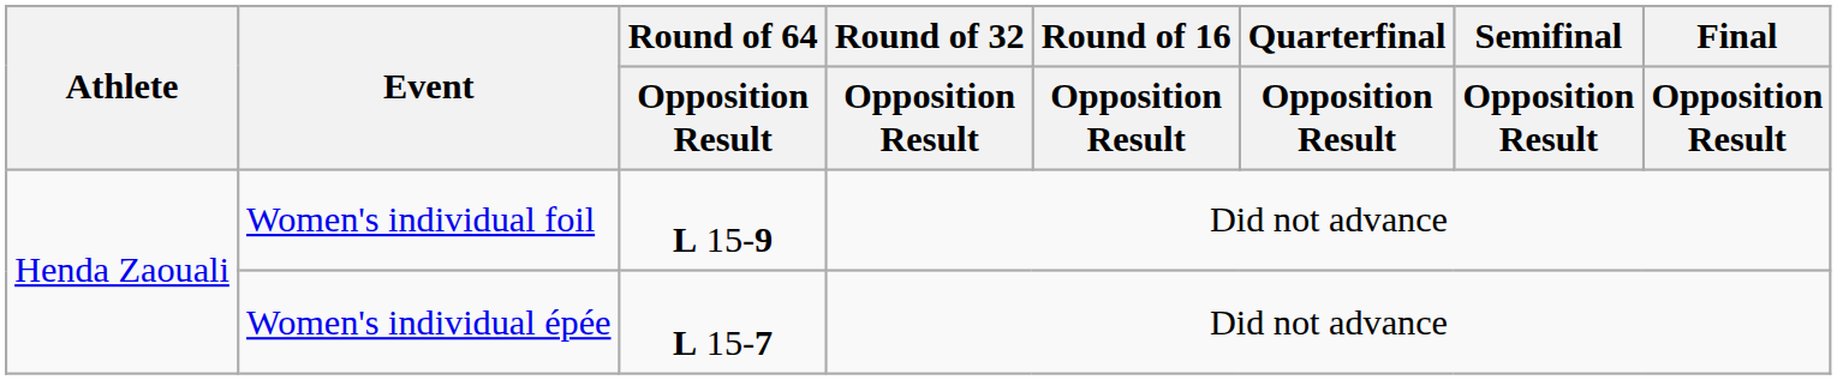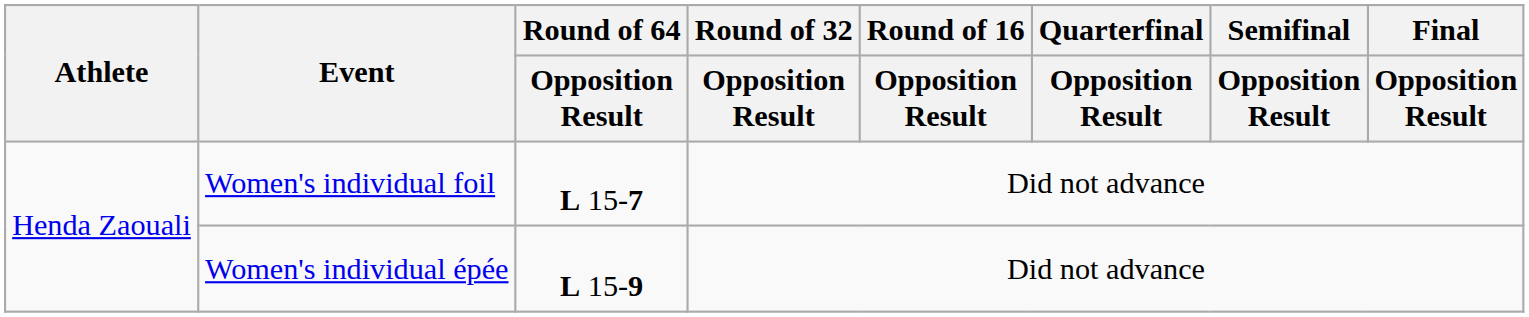 <table class=wikitable style=font-size:90%>
 <tr>
 <th rowspan=2>Athlete</th>
 <th rowspan=2>Event</th>
 <th>Round of 64</th>
 <th>Round of 32</th>
 <th>Round of 16</th>
 <th>Quarterfinal</th>
 <th>Semifinal</th>
 <th>Final</th>
 </tr>
 <tr>
 <th>Opposition<br>Result</th>
 <th>Opposition<br>Result</th>
 <th>Opposition<br>Result</th>
 <th>Opposition<br>Result</th>
 <th>Opposition<br>Result</th>
 <th>Opposition<br>Result</th>
 </tr>
 <tr>
 <td rowspan=2><a href='#'>Henda Zaouali</a></td>
 <td><a href='#'>Women's individual foil</a></td>
-<td align=center><br><strong>L</strong> 15-<strong>9</strong></td>
+<td align=center><br><strong>L</strong> 15-<strong>7</strong></td>
 <td colspan=5 align=center>Did not advance</td>
 </tr>
 <tr>
 <td><a href='#'>Women's individual épée</a></td>
-<td align=center><br><strong>L</strong> 15-<strong>7</strong></td>
+<td align=center><br><strong>L</strong> 15-<strong>9</strong></td>
 <td colspan=5 align=center>Did not advance</td>
 </tr>
 </table>
